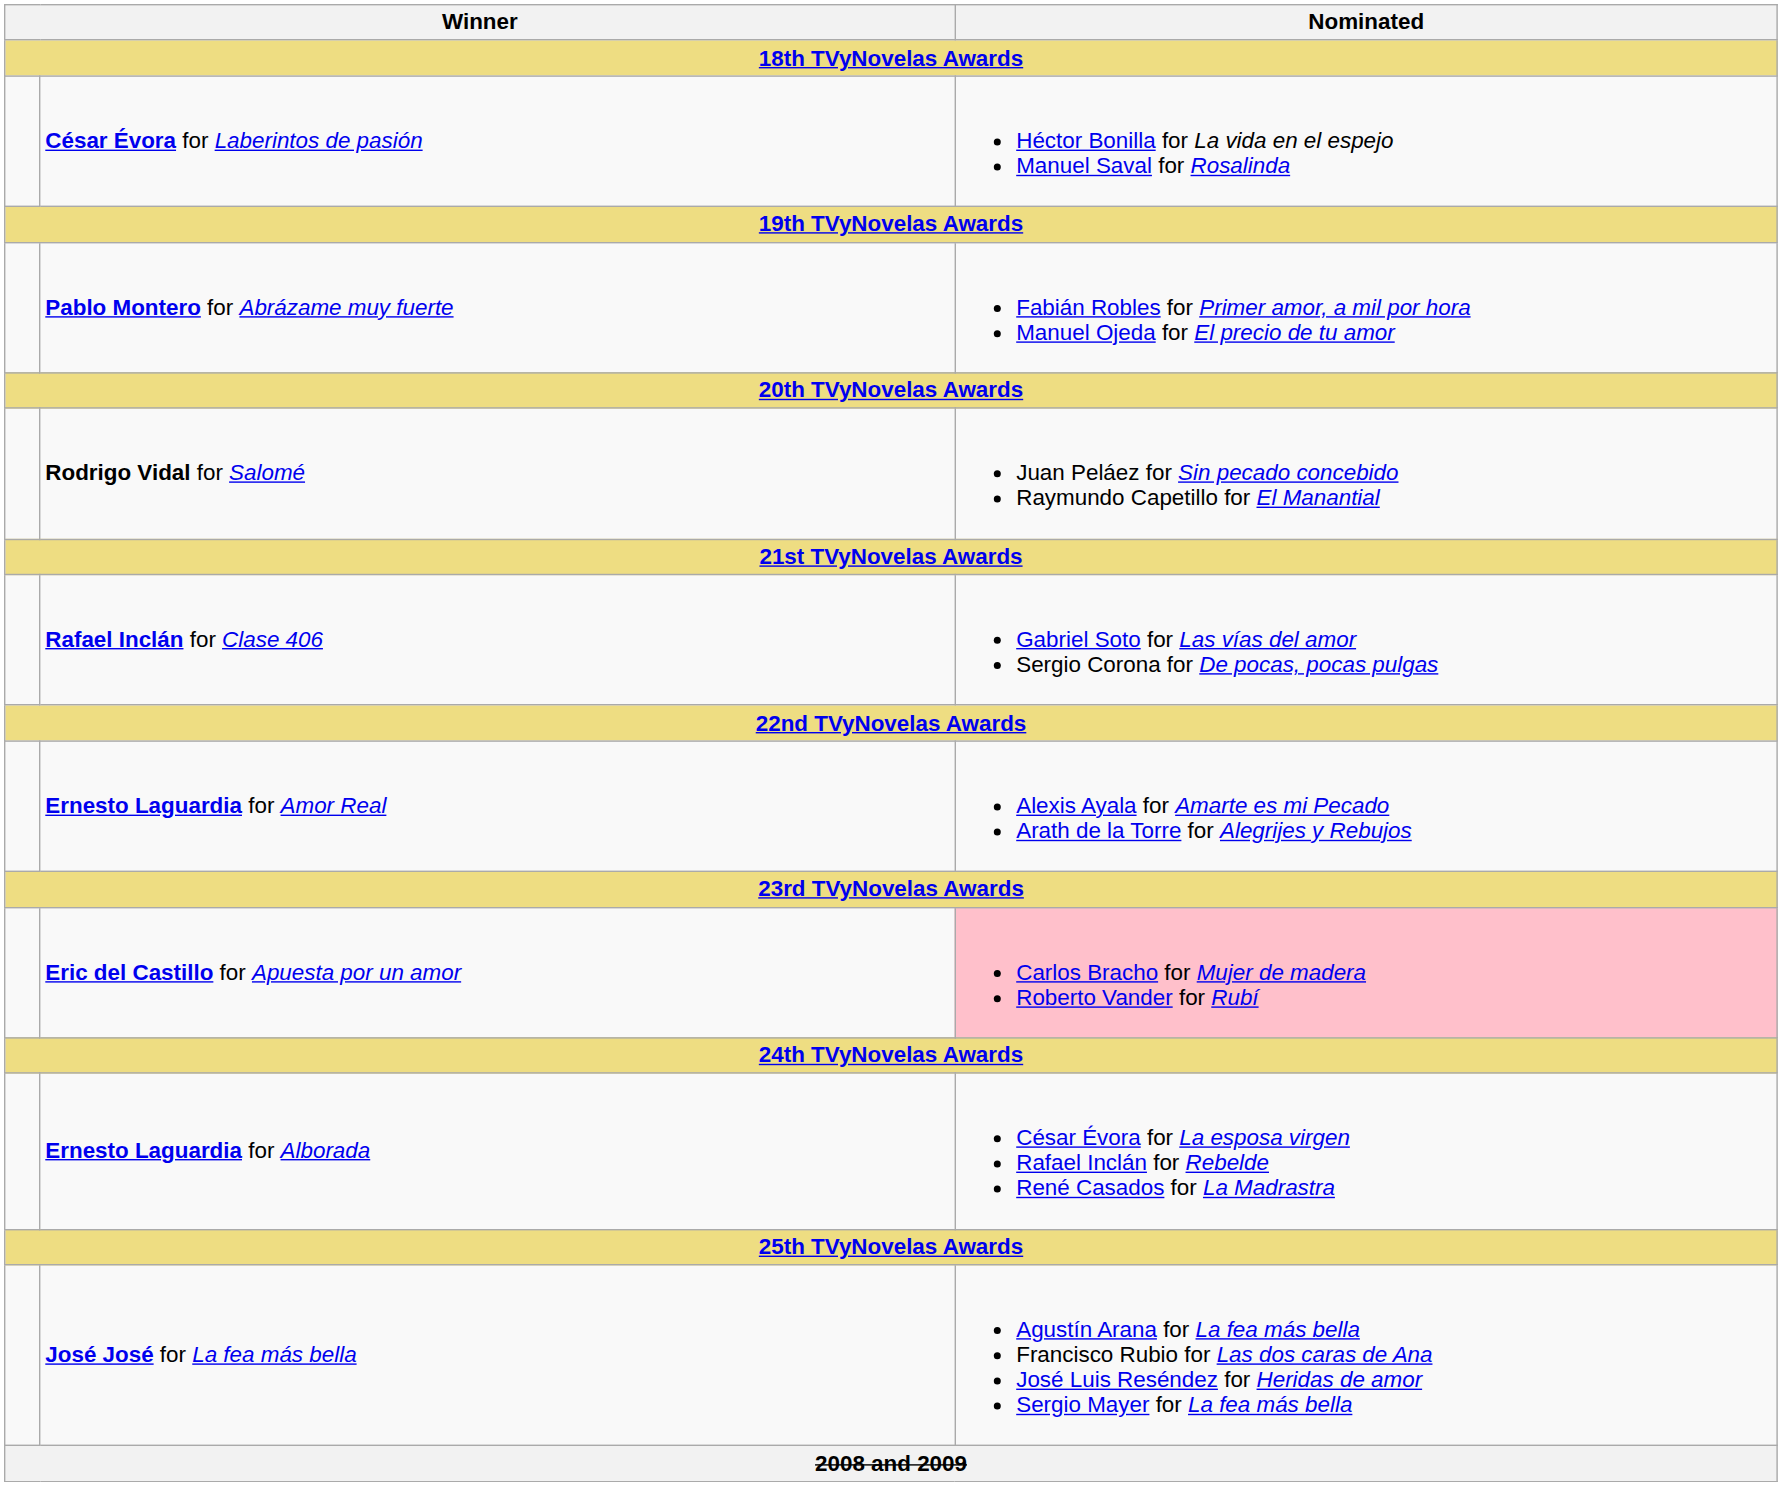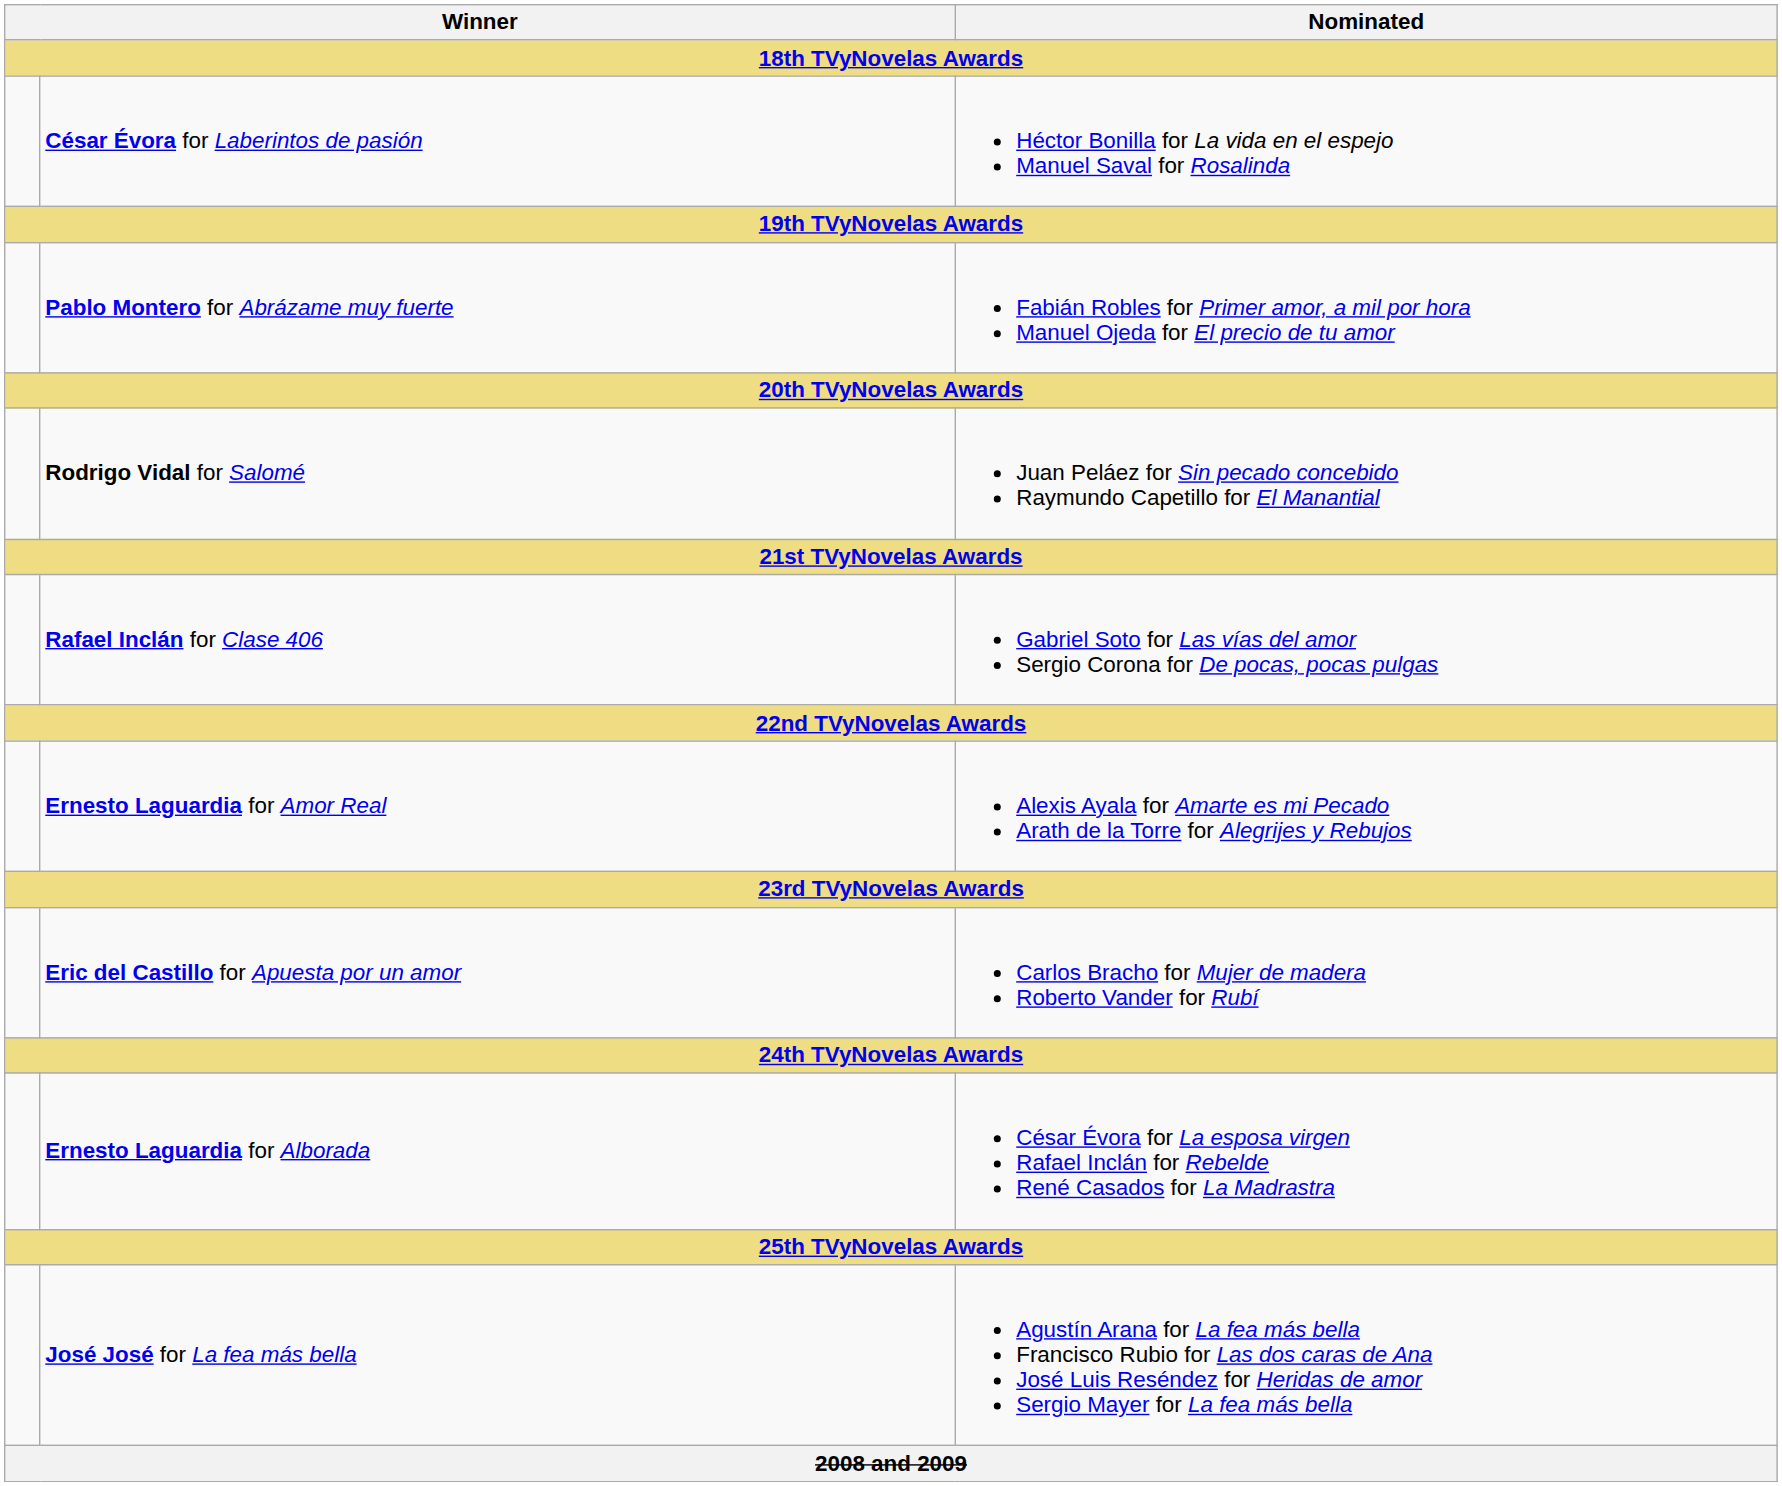 <table class="wikitable" width=80%>
 <tr align=center>
 <th width="150px;" colspan=2; align="center">Winner</th>
 <th width="580px;" align="center">Nominated</th>
 </tr>
 <tr>
 <th colspan=9 style="background:#EEDD82;"  align="center"><strong><a href='#'>18th TVyNovelas Awards</a></strong></th>
 </tr>
 <tr>
 <td width=2%></td>
 <td><strong><a href='#'>César Évora</a></strong> for <em><a href='#'>Laberintos de pasión</a></em></td>
 <td><br><ul><li><a href='#'>Héctor Bonilla</a> for <em>La vida en el espejo</em></li><li><a href='#'>Manuel Saval</a> for <em><a href='#'>Rosalinda</a></em></li></ul></td>
 </tr>
 <tr>
 <th colspan=9 style="background:#EEDD82;"  align="center"><strong><a href='#'>19th TVyNovelas Awards</a></strong></th>
 </tr>
 <tr>
 <td width=2%></td>
 <td><strong><a href='#'>Pablo Montero</a></strong> for <em><a href='#'>Abrázame muy fuerte</a></em></td>
 <td><br><ul><li><a href='#'>Fabián Robles</a> for <em><a href='#'>Primer amor, a mil por hora</a></em></li><li><a href='#'>Manuel Ojeda</a> for <em><a href='#'>El precio de tu amor</a></em></li></ul></td>
 </tr>
 <tr>
 <th colspan=9 style="background:#EEDD82;"  align="center"><strong><a href='#'>20th TVyNovelas Awards</a></strong></th>
 </tr>
 <tr>
 <td width=2%></td>
 <td><strong>Rodrigo Vidal</strong> for <em><a href='#'> Salomé</a></em></td>
 <td><br><ul><li>Juan Peláez for <em><a href='#'>Sin pecado concebido</a></em></li><li>Raymundo Capetillo for <em><a href='#'>El Manantial</a></em></li></ul></td>
 </tr>
 <tr>
 <th colspan=9 style="background:#EEDD82;"  align="center"><strong><a href='#'>21st TVyNovelas Awards</a></strong></th>
 </tr>
 <tr>
 <td width=2%></td>
 <td><strong><a href='#'>Rafael Inclán</a></strong> for <em><a href='#'>Clase 406</a></em></td>
 <td><br><ul><li><a href='#'>Gabriel Soto</a> for <em><a href='#'>Las vías del amor</a></em></li><li>Sergio Corona for <em><a href='#'>De pocas, pocas pulgas</a></em></li></ul></td>
 </tr>
 <tr>
 <th colspan=9 style="background:#EEDD82;"  align="center"><strong><a href='#'>22nd TVyNovelas Awards</a></strong></th>
 </tr>
 <tr>
 <td width=2%></td>
 <td><strong><a href='#'>Ernesto Laguardia</a></strong> for <em><a href='#'>Amor Real</a></em></td>
 <td><br><ul><li><a href='#'>Alexis Ayala</a> for <em><a href='#'>Amarte es mi Pecado</a></em></li><li><a href='#'>Arath de la Torre</a> for <em><a href='#'>Alegrijes y Rebujos</a></em></li></ul></td>
 </tr>
 <tr>
 <th colspan=9 style="background:#EEDD82;"  align="center"><strong><a href='#'>23rd TVyNovelas Awards</a></strong></th>
 </tr>
 <tr>
 <td width=2%></td>
 <td><strong><a href='#'>Eric del Castillo</a></strong> for <em><a href='#'>Apuesta por un amor</a></em></td>
-<td style="background: pink;"><br><ul><li><a href='#'>Carlos Bracho</a> for <em><a href='#'>Mujer de madera</a></em></li><li><a href='#'>Roberto Vander</a> for <em><a href='#'>Rubí</a></em></li></ul></td>
+<td><br><ul><li><a href='#'>Carlos Bracho</a> for <em><a href='#'>Mujer de madera</a></em></li><li><a href='#'>Roberto Vander</a> for <em><a href='#'>Rubí</a></em></li></ul></td>
 </tr>
 <tr>
 <th colspan=9 style="background:#EEDD82;"  align="center"><strong><a href='#'>24th TVyNovelas Awards</a></strong></th>
 </tr>
 <tr>
 <td width=2%></td>
 <td><strong><a href='#'>Ernesto Laguardia</a></strong> for <em><a href='#'>Alborada</a></em></td>
 <td><br><ul><li><a href='#'>César Évora</a> for <em><a href='#'>La esposa virgen</a></em></li><li><a href='#'>Rafael Inclán</a> for <em><a href='#'>Rebelde</a></em></li><li><a href='#'>René Casados</a> for <em><a href='#'>La Madrastra</a></em></li></ul></td>
 </tr>
 <tr>
 <th colspan=9 style="background:#EEDD82;"  align="center"><strong><a href='#'>25th TVyNovelas Awards</a></strong></th>
 </tr>
 <tr>
 <td width=2%></td>
 <td><strong><a href='#'>José José</a></strong> for <em><a href='#'>La fea más bella</a></em></td>
 <td><br><ul><li><a href='#'>Agustín Arana</a> for <em><a href='#'>La fea más bella</a></em></li><li>Francisco Rubio for <em><a href='#'>Las dos caras de Ana</a></em></li><li><a href='#'>José Luis Reséndez</a> for <em><a href='#'>Heridas de amor</a></em></li><li><a href='#'>Sergio Mayer</a> for <em><a href='#'>La fea más bella</a></em></li></ul></td>
 </tr>
 <tr>
 <th colspan=9 align="center"><s>2008 and 2009</s></th>
 </tr>
 </table>
